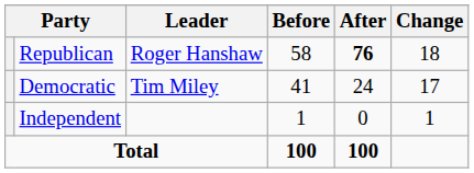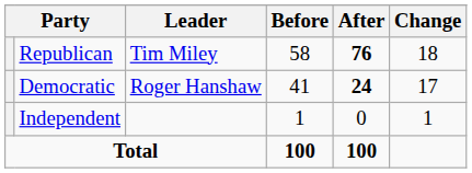 <table class="wikitable" style="text-align:center;">
 <tr>
 </tr>
 <tr>
 <th colspan=2>Party</th>
 <th>Leader</th>
 <th>Before</th>
 <th>After</th>
 <th>Change</th>
 </tr>
 <tr>
 <th style="background-color:"></th>
 <td style="text-align:left;"><a href='#'>Republican</a></td>
-<td style="text-align:left;"><a href='#'>Roger Hanshaw</a></td>
+<td style="text-align:left;"><a href='#'>Tim Miley</a></td>
 <td>58</td>
 <td><strong>76</strong></td>
 <td> 18</td>
 </tr>
 <tr>
 <th style="background-color:"></th>
 <td style="text-align:left;"><a href='#'>Democratic</a></td>
-<td style="text-align:left;"><a href='#'>Tim Miley</a></td>
+<td style="text-align:left;"><a href='#'>Roger Hanshaw</a></td>
 <td>41</td>
-<td>24</td>
+<td><strong>24</strong></td>
 <td> 17</td>
 </tr>
 <tr>
 <th style="background-color:"></th>
 <td style="text-align:left;"><a href='#'>Independent</a></td>
 <td style="text-align:left;"></td>
 <td>1</td>
 <td>0</td>
 <td> 1</td>
 </tr>
 <tr>
 <td colspan=3><strong>Total</strong></td>
 <td><strong>100</strong></td>
 <td><strong>100</strong></td>
 <td></td>
 </tr>
 </table>
